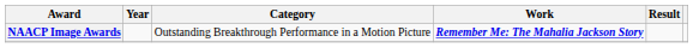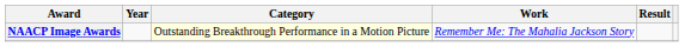 <table class="wikitable sortable plainrowheaders">
 <tr>
 <th scope="col">Award</th>
 <th scope="col">Year</th>
 <th scope="col">Category</th>
 <th scope="col">Work</th>
 <th scope="col">Result</th>
 <th scope="col" class="unsortable"></th>
 </tr>
 <tr>
 <th scope="row" rowspan="1"><a href='#'>NAACP Image Awards</a></th>
 <td></td>
-<td>Outstanding Breakthrough Performance in a Motion Picture</td>
-<td><strong><em><a href='#'>Remember Me: The Mahalia Jackson Story</a></em></strong></td>
+<td style="background: lightyellow;">Outstanding Breakthrough Performance in a Motion Picture</td>
+<td><em><a href='#'>Remember Me: The Mahalia Jackson Story</a></em></td>
 <td></td>
 <td></td>
 </tr>
 <tr>
 </tr>
 </table>
